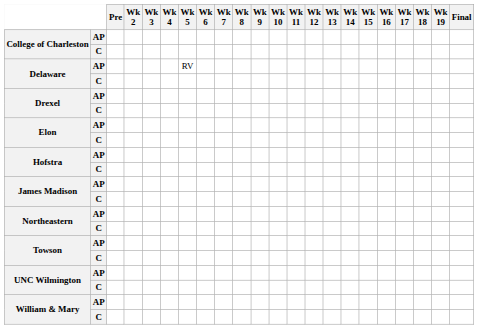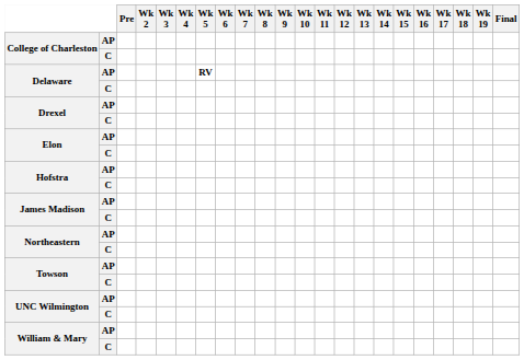 <table class="wikitable" style="white-space:nowrap;font-size:90%;">
 <tr>
 <th colspan=2 style="background:white; border-top-style:hidden; border-left-style:hidden;"> </th>
 <th>Pre</th>
 <th>Wk<br>2</th>
 <th>Wk<br>3</th>
 <th>Wk<br>4</th>
 <th>Wk<br>5</th>
 <th>Wk<br>6</th>
 <th>Wk<br>7</th>
 <th>Wk<br>8</th>
 <th>Wk<br>9</th>
 <th>Wk<br>10</th>
 <th>Wk<br>11</th>
 <th>Wk<br>12</th>
 <th>Wk<br>13</th>
 <th>Wk<br>14</th>
 <th>Wk<br>15</th>
 <th>Wk<br>16</th>
 <th>Wk<br>17</th>
 <th>Wk<br>18</th>
 <th>Wk<br>19</th>
 <th>Final</th>
 </tr>
 <tr style="text-align:center;">
 <th rowspan=2 style=>College of Charleston</th>
 <th>AP</th>
 <td style="background:#FFF;"></td>
 <td style="background:#FFF;"></td>
 <td style="background:#FFF;"></td>
 <td style="background:#FFF;"></td>
 <td style="background:#FFF;"></td>
 <td style="background:#FFF;"></td>
 <td style="background:#FFF;"></td>
 <td style="background:#FFF;"></td>
 <td style="background:#FFF;"></td>
 <td style="background:#FFF;"></td>
 <td style="background:#FFF;"></td>
 <td style="background:#FFF;"></td>
 <td style="background:#FFF;"></td>
 <td style="background:#FFF;"></td>
 <td style="background:#FFF;"></td>
 <td style="background:#FFF;"></td>
 <td style="background:#FFF;"></td>
 <td style="background:#FFF;"></td>
 <td style="background:#FFF;"></td>
 <td style="background:#FFF;"></td>
 </tr>
 <tr style="text-align:center;">
 <th>C</th>
 <td style="background:#FFF;"></td>
 <td style="background:#FFF;"></td>
 <td style="background:#FFF;"></td>
 <td style="background:#FFF;"></td>
 <td style="background:#FFF;"></td>
 <td style="background:#FFF;"></td>
 <td style="background:#FFF;"></td>
 <td style="background:#FFF;"></td>
 <td style="background:#FFF;"></td>
 <td style="background:#FFF;"></td>
 <td style="background:#FFF;"></td>
 <td style="background:#FFF;"></td>
 <td style="background:#FFF;"></td>
 <td style="background:#FFF;"></td>
 <td style="background:#FFF;"></td>
 <td style="background:#FFF;"></td>
 <td style="background:#FFF;"></td>
 <td style="background:#FFF;"></td>
 <td style="background:#FFF;"></td>
 <td style="background:#FFF;"></td>
 </tr>
 <tr style="text-align:center;">
 <th rowspan=2 style=>Delaware</th>
 <th>AP</th>
 <td style="background:#FFF;"></td>
 <td style="background:#FFF;"></td>
 <td style="background:#FFF;"></td>
 <td style="background:#FFF;"></td>
-<td style="background:#FFF;">RV</td>
+<td style="background:#FFF;"><strong>RV</strong></td>
 <td style="background:#FFF;"></td>
 <td style="background:#FFF;"></td>
 <td style="background:#FFF;"></td>
 <td style="background:#FFF;"></td>
 <td style="background:#FFF;"></td>
 <td style="background:#FFF;"></td>
 <td style="background:#FFF;"></td>
 <td style="background:#FFF;"></td>
 <td style="background:#FFF;"></td>
 <td style="background:#FFF;"></td>
 <td style="background:#FFF;"></td>
 <td style="background:#FFF;"></td>
 <td style="background:#FFF;"></td>
 <td style="background:#FFF;"></td>
 <td style="background:#FFF;"></td>
 </tr>
 <tr style="text-align:center;">
 <th>C</th>
 <td style="background:#FFF;"></td>
 <td style="background:#FFF;"></td>
 <td style="background:#FFF;"></td>
 <td style="background:#FFF;"></td>
 <td style="background:#FFF;"></td>
 <td style="background:#FFF;"></td>
 <td style="background:#FFF;"></td>
 <td style="background:#FFF;"></td>
 <td style="background:#FFF;"></td>
 <td style="background:#FFF;"></td>
 <td style="background:#FFF;"></td>
 <td style="background:#FFF;"></td>
 <td style="background:#FFF;"></td>
 <td style="background:#FFF;"></td>
 <td style="background:#FFF;"></td>
 <td style="background:#FFF;"></td>
 <td style="background:#FFF;"></td>
 <td style="background:#FFF;"></td>
 <td style="background:#FFF;"></td>
 <td style="background:#FFF;"></td>
 </tr>
 <tr style="text-align:center;">
 <th rowspan=2 style=>Drexel</th>
 <th>AP</th>
 <td style="background:#FFF;"></td>
 <td style="background:#FFF;"></td>
 <td style="background:#FFF;"></td>
 <td style="background:#FFF;"></td>
 <td style="background:#FFF;"></td>
 <td style="background:#FFF;"></td>
 <td style="background:#FFF;"></td>
 <td style="background:#FFF;"></td>
 <td style="background:#FFF;"></td>
 <td style="background:#FFF;"></td>
 <td style="background:#FFF;"></td>
 <td style="background:#FFF;"></td>
 <td style="background:#FFF;"></td>
 <td style="background:#FFF;"></td>
 <td style="background:#FFF;"></td>
 <td style="background:#FFF;"></td>
 <td style="background:#FFF;"></td>
 <td style="background:#FFF;"></td>
 <td style="background:#FFF;"></td>
 <td style="background:#FFF;"></td>
 </tr>
 <tr style="text-align:center;">
 <th>C</th>
 <td style="background:#FFF;"></td>
 <td style="background:#FFF;"></td>
 <td style="background:#FFF;"></td>
 <td style="background:#FFF;"></td>
 <td style="background:#FFF;"></td>
 <td style="background:#FFF;"></td>
 <td style="background:#FFF;"></td>
 <td style="background:#FFF;"></td>
 <td style="background:#FFF;"></td>
 <td style="background:#FFF;"></td>
 <td style="background:#FFF;"></td>
 <td style="background:#FFF;"></td>
 <td style="background:#FFF;"></td>
 <td style="background:#FFF;"></td>
 <td style="background:#FFF;"></td>
 <td style="background:#FFF;"></td>
 <td style="background:#FFF;"></td>
 <td style="background:#FFF;"></td>
 <td style="background:#FFF;"></td>
 <td style="background:#FFF;"></td>
 </tr>
 <tr style="text-align:center;">
 <th rowspan=2 style=>Elon</th>
 <th>AP</th>
 <td style="background:#FFF;"></td>
 <td style="background:#FFF;"></td>
 <td style="background:#FFF;"></td>
 <td style="background:#FFF;"></td>
 <td style="background:#FFF;"></td>
 <td style="background:#FFF;"></td>
 <td style="background:#FFF;"></td>
 <td style="background:#FFF;"></td>
 <td style="background:#FFF;"></td>
 <td style="background:#FFF;"></td>
 <td style="background:#FFF;"></td>
 <td style="background:#FFF;"></td>
 <td style="background:#FFF;"></td>
 <td style="background:#FFF;"></td>
 <td style="background:#FFF;"></td>
 <td style="background:#FFF;"></td>
 <td style="background:#FFF;"></td>
 <td style="background:#FFF;"></td>
 <td style="background:#FFF;"></td>
 <td style="background:#FFF;"></td>
 </tr>
 <tr style="text-align:center;">
 <th>C</th>
 <td style="background:#FFF;"></td>
 <td style="background:#FFF;"></td>
 <td style="background:#FFF;"></td>
 <td style="background:#FFF;"></td>
 <td style="background:#FFF;"></td>
 <td style="background:#FFF;"></td>
 <td style="background:#FFF;"></td>
 <td style="background:#FFF;"></td>
 <td style="background:#FFF;"></td>
 <td style="background:#FFF;"></td>
 <td style="background:#FFF;"></td>
 <td style="background:#FFF;"></td>
 <td style="background:#FFF;"></td>
 <td style="background:#FFF;"></td>
 <td style="background:#FFF;"></td>
 <td style="background:#FFF;"></td>
 <td style="background:#FFF;"></td>
 <td style="background:#FFF;"></td>
 <td style="background:#FFF;"></td>
 <td style="background:#FFF;"></td>
 </tr>
 <tr style="text-align:center;">
 <th rowspan=2 style=>Hofstra</th>
 <th>AP</th>
 <td style="background:#FFF;"></td>
 <td style="background:#FFF;"></td>
 <td style="background:#FFF;"></td>
 <td style="background:#FFF;"></td>
 <td style="background:#FFF;"></td>
 <td style="background:#FFF;"></td>
 <td style="background:#FFF;"></td>
 <td style="background:#FFF;"></td>
 <td style="background:#FFF;"></td>
 <td style="background:#FFF;"></td>
 <td style="background:#FFF;"></td>
 <td style="background:#FFF;"></td>
 <td style="background:#FFF;"></td>
 <td style="background:#FFF;"></td>
 <td style="background:#FFF;"></td>
 <td style="background:#FFF;"></td>
 <td style="background:#FFF;"></td>
 <td style="background:#FFF;"></td>
 <td style="background:#FFF;"></td>
 <td style="background:#FFF;"></td>
 </tr>
 <tr style="text-align:center;">
 <th>C</th>
 <td style="background:#FFF;"></td>
 <td style="background:#FFF;"></td>
 <td style="background:#FFF;"></td>
 <td style="background:#FFF;"></td>
 <td style="background:#FFF;"></td>
 <td style="background:#FFF;"></td>
 <td style="background:#FFF;"></td>
 <td style="background:#FFF;"></td>
 <td style="background:#FFF;"></td>
 <td style="background:#FFF;"></td>
 <td style="background:#FFF;"></td>
 <td style="background:#FFF;"></td>
 <td style="background:#FFF;"></td>
 <td style="background:#FFF;"></td>
 <td style="background:#FFF;"></td>
 <td style="background:#FFF;"></td>
 <td style="background:#FFF;"></td>
 <td style="background:#FFF;"></td>
 <td style="background:#FFF;"></td>
 <td style="background:#FFF;"></td>
 </tr>
 <tr style="text-align:center;">
 <th rowspan=2 style=>James Madison</th>
 <th>AP</th>
 <td style="background:#FFF;"></td>
 <td style="background:#FFF;"></td>
 <td style="background:#FFF;"></td>
 <td style="background:#FFF;"></td>
 <td style="background:#FFF;"></td>
 <td style="background:#FFF;"></td>
 <td style="background:#FFF;"></td>
 <td style="background:#FFF;"></td>
 <td style="background:#FFF;"></td>
 <td style="background:#FFF;"></td>
 <td style="background:#FFF;"></td>
 <td style="background:#FFF;"></td>
 <td style="background:#FFF;"></td>
 <td style="background:#FFF;"></td>
 <td style="background:#FFF;"></td>
 <td style="background:#FFF;"></td>
 <td style="background:#FFF;"></td>
 <td style="background:#FFF;"></td>
 <td style="background:#FFF;"></td>
 <td style="background:#FFF;"></td>
 </tr>
 <tr style="text-align:center;">
 <th>C</th>
 <td style="background:#FFF;"></td>
 <td style="background:#FFF;"></td>
 <td style="background:#FFF;"></td>
 <td style="background:#FFF;"></td>
 <td style="background:#FFF;"></td>
 <td style="background:#FFF;"></td>
 <td style="background:#FFF;"></td>
 <td style="background:#FFF;"></td>
 <td style="background:#FFF;"></td>
 <td style="background:#FFF;"></td>
 <td style="background:#FFF;"></td>
 <td style="background:#FFF;"></td>
 <td style="background:#FFF;"></td>
 <td style="background:#FFF;"></td>
 <td style="background:#FFF;"></td>
 <td style="background:#FFF;"></td>
 <td style="background:#FFF;"></td>
 <td style="background:#FFF;"></td>
 <td style="background:#FFF;"></td>
 <td style="background:#FFF;"></td>
 </tr>
 <tr style="text-align:center;">
 <th rowspan=2 style=>Northeastern</th>
 <th>AP</th>
 <td style="background:#FFF;"></td>
 <td style="background:#FFF;"></td>
 <td style="background:#FFF;"></td>
 <td style="background:#FFF;"></td>
 <td style="background:#FFF;"></td>
 <td style="background:#FFF;"></td>
 <td style="background:#FFF;"></td>
 <td style="background:#FFF;"></td>
 <td style="background:#FFF;"></td>
 <td style="background:#FFF;"></td>
 <td style="background:#FFF;"></td>
 <td style="background:#FFF;"></td>
 <td style="background:#FFF;"></td>
 <td style="background:#FFF;"></td>
 <td style="background:#FFF;"></td>
 <td style="background:#FFF;"></td>
 <td style="background:#FFF;"></td>
 <td style="background:#FFF;"></td>
 <td style="background:#FFF;"></td>
 <td style="background:#FFF;"></td>
 </tr>
 <tr style="text-align:center;">
 <th>C</th>
 <td style="background:#FFF;"></td>
 <td style="background:#FFF;"></td>
 <td style="background:#FFF;"></td>
 <td style="background:#FFF;"></td>
 <td style="background:#FFF;"></td>
 <td style="background:#FFF;"></td>
 <td style="background:#FFF;"></td>
 <td style="background:#FFF;"></td>
 <td style="background:#FFF;"></td>
 <td style="background:#FFF;"></td>
 <td style="background:#FFF;"></td>
 <td style="background:#FFF;"></td>
 <td style="background:#FFF;"></td>
 <td style="background:#FFF;"></td>
 <td style="background:#FFF;"></td>
 <td style="background:#FFF;"></td>
 <td style="background:#FFF;"></td>
 <td style="background:#FFF;"></td>
 <td style="background:#FFF;"></td>
 <td style="background:#FFF;"></td>
 </tr>
 <tr style="text-align:center;">
 <th rowspan=2 style=>Towson</th>
 <th>AP</th>
 <td style="background:#FFF;"></td>
 <td style="background:#FFF;"></td>
 <td style="background:#FFF;"></td>
 <td style="background:#FFF;"></td>
 <td style="background:#FFF;"></td>
 <td style="background:#FFF;"></td>
 <td style="background:#FFF;"></td>
 <td style="background:#FFF;"></td>
 <td style="background:#FFF;"></td>
 <td style="background:#FFF;"></td>
 <td style="background:#FFF;"></td>
 <td style="background:#FFF;"></td>
 <td style="background:#FFF;"></td>
 <td style="background:#FFF;"></td>
 <td style="background:#FFF;"></td>
 <td style="background:#FFF;"></td>
 <td style="background:#FFF;"></td>
 <td style="background:#FFF;"></td>
 <td style="background:#FFF;"></td>
 <td style="background:#FFF;"></td>
 </tr>
 <tr style="text-align:center;">
 <th>C</th>
 <td style="background:#FFF;"></td>
 <td style="background:#FFF;"></td>
 <td style="background:#FFF;"></td>
 <td style="background:#FFF;"></td>
 <td style="background:#FFF;"></td>
 <td style="background:#FFF;"></td>
 <td style="background:#FFF;"></td>
 <td style="background:#FFF;"></td>
 <td style="background:#FFF;"></td>
 <td style="background:#FFF;"></td>
 <td style="background:#FFF;"></td>
 <td style="background:#FFF;"></td>
 <td style="background:#FFF;"></td>
 <td style="background:#FFF;"></td>
 <td style="background:#FFF;"></td>
 <td style="background:#FFF;"></td>
 <td style="background:#FFF;"></td>
 <td style="background:#FFF;"></td>
 <td style="background:#FFF;"></td>
 <td style="background:#FFF;"></td>
 </tr>
 <tr style="text-align:center;">
 <th rowspan=2 style=>UNC Wilmington</th>
 <th>AP</th>
 <td style="background:#FFF;"></td>
 <td style="background:#FFF;"></td>
 <td style="background:#FFF;"></td>
 <td style="background:#FFF;"></td>
 <td style="background:#FFF;"></td>
 <td style="background:#FFF;"></td>
 <td style="background:#FFF;"></td>
 <td style="background:#FFF;"></td>
 <td style="background:#FFF;"></td>
 <td style="background:#FFF;"></td>
 <td style="background:#FFF;"></td>
 <td style="background:#FFF;"></td>
 <td style="background:#FFF;"></td>
 <td style="background:#FFF;"></td>
 <td style="background:#FFF;"></td>
 <td style="background:#FFF;"></td>
 <td style="background:#FFF;"></td>
 <td style="background:#FFF;"></td>
 <td style="background:#FFF;"></td>
 <td style="background:#FFF;"></td>
 </tr>
 <tr style="text-align:center;">
 <th>C</th>
 <td style="background:#FFF;"></td>
 <td style="background:#FFF;"></td>
 <td style="background:#FFF;"></td>
 <td style="background:#FFF;"></td>
 <td style="background:#FFF;"></td>
 <td style="background:#FFF;"></td>
 <td style="background:#FFF;"></td>
 <td style="background:#FFF;"></td>
 <td style="background:#FFF;"></td>
 <td style="background:#FFF;"></td>
 <td style="background:#FFF;"></td>
 <td style="background:#FFF;"></td>
 <td style="background:#FFF;"></td>
 <td style="background:#FFF;"></td>
 <td style="background:#FFF;"></td>
 <td style="background:#FFF;"></td>
 <td style="background:#FFF;"></td>
 <td style="background:#FFF;"></td>
 <td style="background:#FFF;"></td>
 <td style="background:#FFF;"></td>
 </tr>
 <tr style="text-align:center;">
 <th rowspan=2 style=>William & Mary</th>
 <th>AP</th>
 <td style="background:#FFF;"></td>
 <td style="background:#FFF;"></td>
 <td style="background:#FFF;"></td>
 <td style="background:#FFF;"></td>
 <td style="background:#FFF;"></td>
 <td style="background:#FFF;"></td>
 <td style="background:#FFF;"></td>
 <td style="background:#FFF;"></td>
 <td style="background:#FFF;"></td>
 <td style="background:#FFF;"></td>
 <td style="background:#FFF;"></td>
 <td style="background:#FFF;"></td>
 <td style="background:#FFF;"></td>
 <td style="background:#FFF;"></td>
 <td style="background:#FFF;"></td>
 <td style="background:#FFF;"></td>
 <td style="background:#FFF;"></td>
 <td style="background:#FFF;"></td>
 <td style="background:#FFF;"></td>
 <td style="background:#FFF;"></td>
 </tr>
 <tr style="text-align:center;">
 <th>C</th>
 <td style="background:#FFF;"></td>
 <td style="background:#FFF;"></td>
 <td style="background:#FFF;"></td>
 <td style="background:#FFF;"></td>
 <td style="background:#FFF;"></td>
 <td style="background:#FFF;"></td>
 <td style="background:#FFF;"></td>
 <td style="background:#FFF;"></td>
 <td style="background:#FFF;"></td>
 <td style="background:#FFF;"></td>
 <td style="background:#FFF;"></td>
 <td style="background:#FFF;"></td>
 <td style="background:#FFF;"></td>
 <td style="background:#FFF;"></td>
 <td style="background:#FFF;"></td>
 <td style="background:#FFF;"></td>
 <td style="background:#FFF;"></td>
 <td style="background:#FFF;"></td>
 <td style="background:#FFF;"></td>
 <td style="background:#FFF;"></td>
 </tr>
 </table>
